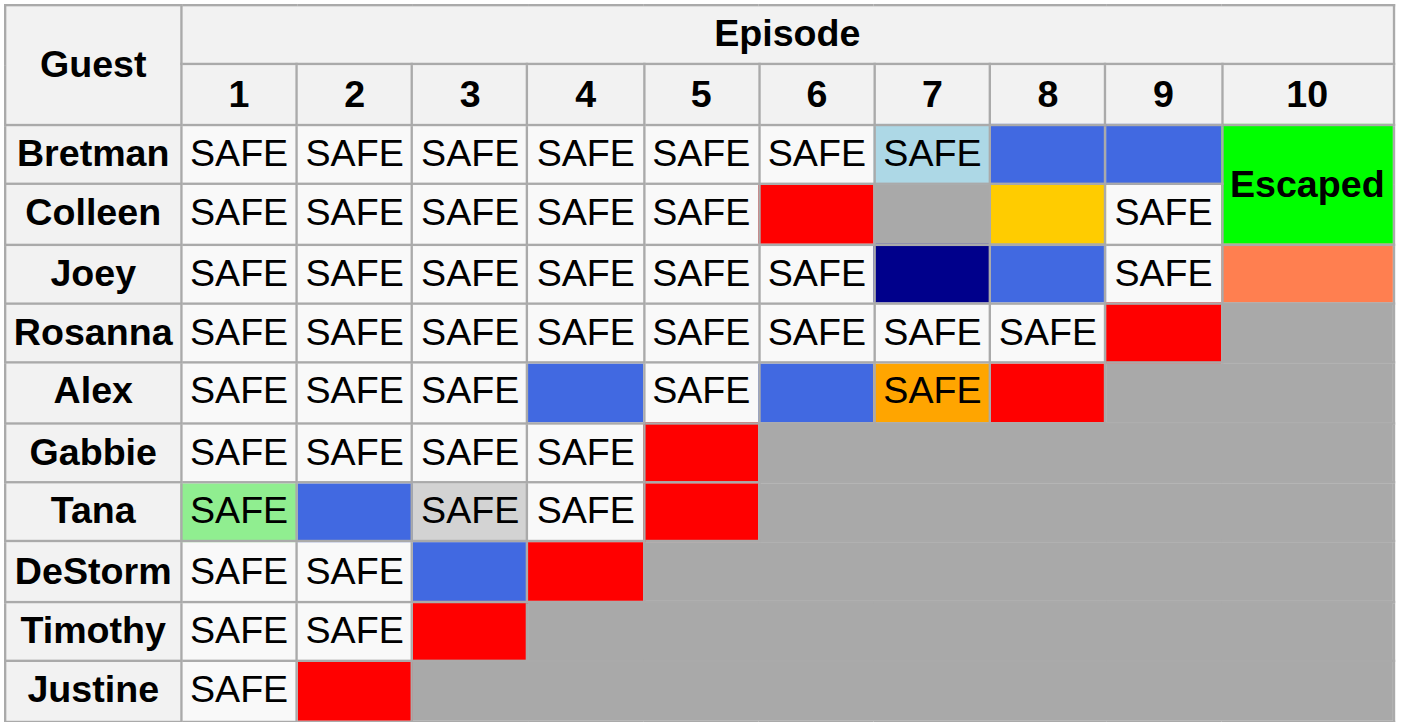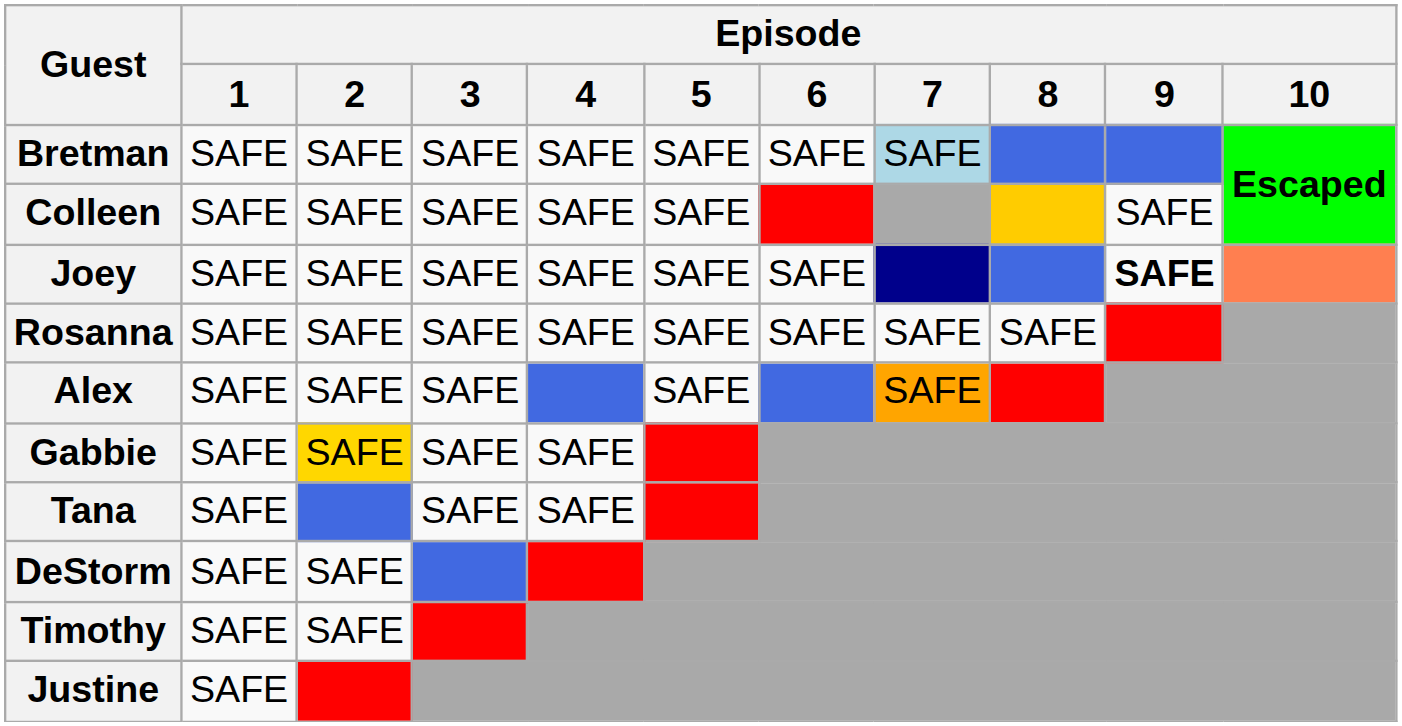 <table class="wikitable" style="text-align:center;">
 <tr>
 <th rowspan="2" scope="col">Guest</th>
 <th colspan="10" scope="col">Episode</th>
 </tr>
 <tr>
 <th scope="col">1</th>
 <th scope="col">2</th>
 <th scope="col">3</th>
 <th scope="col">4</th>
 <th scope="col">5</th>
 <th scope="col">6</th>
 <th scope="col">7</th>
 <th scope="col">8</th>
 <th scope="col">9</th>
 <th scope="col">10</th>
 </tr>
 <tr>
 <th scope="row">Bretman</th>
 <td>SAFE</td>
 <td>SAFE</td>
 <td>SAFE</td>
 <td>SAFE</td>
 <td>SAFE</td>
 <td>SAFE</td>
 <td bgcolor="ADD8E6">SAFE</td>
 <td bgcolor="4169E1"><strong></strong></td>
 <td bgcolor="4169E1"><strong></strong></td>
 <td rowspan="2" bgcolor="00FF00"><strong>Escaped</strong></td>
 </tr>
 <tr>
 <th scope="row">Colleen</th>
 <td>SAFE</td>
 <td>SAFE</td>
 <td>SAFE</td>
 <td>SAFE</td>
 <td>SAFE</td>
 <td bgcolor="FF0000"></td>
 <td bgcolor="A9A9A9" colspan="1"></td>
 <td bgcolor="FFCC00"></td>
 <td>SAFE</td>
 </tr>
 <tr>
 <th scope="row">Joey</th>
 <td>SAFE</td>
 <td>SAFE</td>
 <td>SAFE</td>
 <td>SAFE</td>
 <td>SAFE</td>
 <td>SAFE</td>
 <td bgcolor="darkblue"><strong></strong></td>
 <td bgcolor="4169E1"><strong></strong></td>
-<td>SAFE</td>
+<td><strong>SAFE</strong></td>
 <td bgcolor="FF7F50"></td>
 </tr>
 <tr>
 <th scope="row">Rosanna</th>
 <td>SAFE</td>
 <td>SAFE</td>
 <td>SAFE</td>
 <td>SAFE</td>
 <td>SAFE</td>
 <td>SAFE</td>
 <td>SAFE</td>
 <td>SAFE</td>
 <td bgcolor="FF0000"></td>
 <td bgcolor="A9A9A9" colspan="1"></td>
 </tr>
 <tr>
 <th scope="row">Alex</th>
 <td>SAFE</td>
 <td>SAFE</td>
 <td>SAFE</td>
 <td bgcolor="4169E1"><strong></strong></td>
 <td>SAFE</td>
 <td bgcolor="4169E1"><strong></strong></td>
 <td bgcolor="orange">SAFE</td>
 <td bgcolor="FF0000"></td>
 <td bgcolor="A9A9A9" colspan="3"></td>
 </tr>
 <tr>
 <th scope="row">Gabbie</th>
 <td>SAFE</td>
-<td>SAFE</td>
+<td style="background: gold;">SAFE</td>
 <td>SAFE</td>
 <td>SAFE</td>
 <td bgcolor="FF0000"></td>
 <td bgcolor="A9A9A9" colspan="6"></td>
 </tr>
 <tr>
 <th scope="row">Tana</th>
-<td style="background: lightgreen;">SAFE</td>
+<td>SAFE</td>
 <td bgcolor="4169E1"><strong></strong></td>
-<td style="background: lightgrey;">SAFE</td>
+<td>SAFE</td>
 <td>SAFE</td>
 <td bgcolor="FF0000"></td>
 <td bgcolor="A9A9A9" colspan="5"></td>
 </tr>
 <tr>
 <th scope="row">DeStorm</th>
 <td>SAFE</td>
 <td>SAFE</td>
 <td bgcolor="4169E1"><strong></strong></td>
 <td bgcolor="FF0000"></td>
 <td bgcolor="A9A9A9" colspan="7"></td>
 </tr>
 <tr>
 <th scope="row">Timothy</th>
 <td>SAFE</td>
 <td>SAFE</td>
 <td bgcolor="FF0000"></td>
 <td bgcolor="A9A9A9" colspan="8"></td>
 </tr>
 <tr>
 <th scope="row">Justine</th>
 <td>SAFE</td>
 <td bgcolor="FF0000"></td>
 <td bgcolor="A9A9A9" colspan="9"></td>
 </tr>
 </table>
